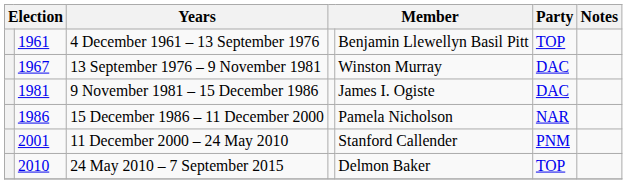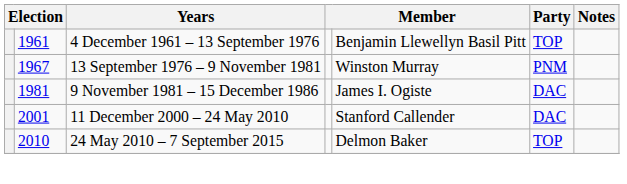 <table class="wikitable sortable" style="valign:top">
 <tr>
 <th colspan="2">Election</th>
 <th>Years</th>
 <th colspan="2">Member</th>
 <th>Party</th>
 <th>Notes</th>
 </tr>
 <tr>
 <th style="background-color: "></th>
 <td><a href='#'>1961</a></td>
 <td>4 December 1961 – 13 September 1976</td>
 <td></td>
 <td>Benjamin Llewellyn Basil Pitt</td>
 <td><a href='#'>TOP</a></td>
 <td></td>
 </tr>
 <tr>
 <th style="background-color: "></th>
 <td><a href='#'>1967</a></td>
 <td>13 September 1976 – 9 November 1981</td>
 <td></td>
 <td>Winston Murray</td>
-<td><a href='#'>DAC</a></td>
+<td><a href='#'>PNM</a></td>
 <td></td>
 </tr>
 <tr>
 <th style="background-color: "></th>
 <td><a href='#'>1981</a></td>
 <td>9 November 1981 – 15 December 1986</td>
 <td></td>
 <td>James I. Ogiste</td>
 <td><a href='#'>DAC</a></td>
 <td></td>
 </tr>
 <tr>
 <th style="background-color: "></th>
-<td><a href='#'>1986</a></td>
-<td>15 December 1986 – 11 December 2000</td>
-<td></td>
-<td>Pamela Nicholson</td>
-<td><a href='#'>NAR</a></td>
-<td></td>
-</tr>
-<tr>
-<th style="background-color: "></th>
 <td><a href='#'>2001</a></td>
 <td>11 December 2000 – 24 May 2010</td>
 <td></td>
 <td>Stanford Callender</td>
-<td><a href='#'>PNM</a></td>
+<td><a href='#'>DAC</a></td>
 <td></td>
 </tr>
 <tr>
 <th style="background-color: "></th>
 <td><a href='#'>2010</a></td>
 <td>24 May 2010 – 7 September 2015</td>
 <td></td>
 <td>Delmon Baker</td>
 <td><a href='#'>TOP</a></td>
 <td></td>
 </tr>
 <tr>
 </tr>
 </table>
